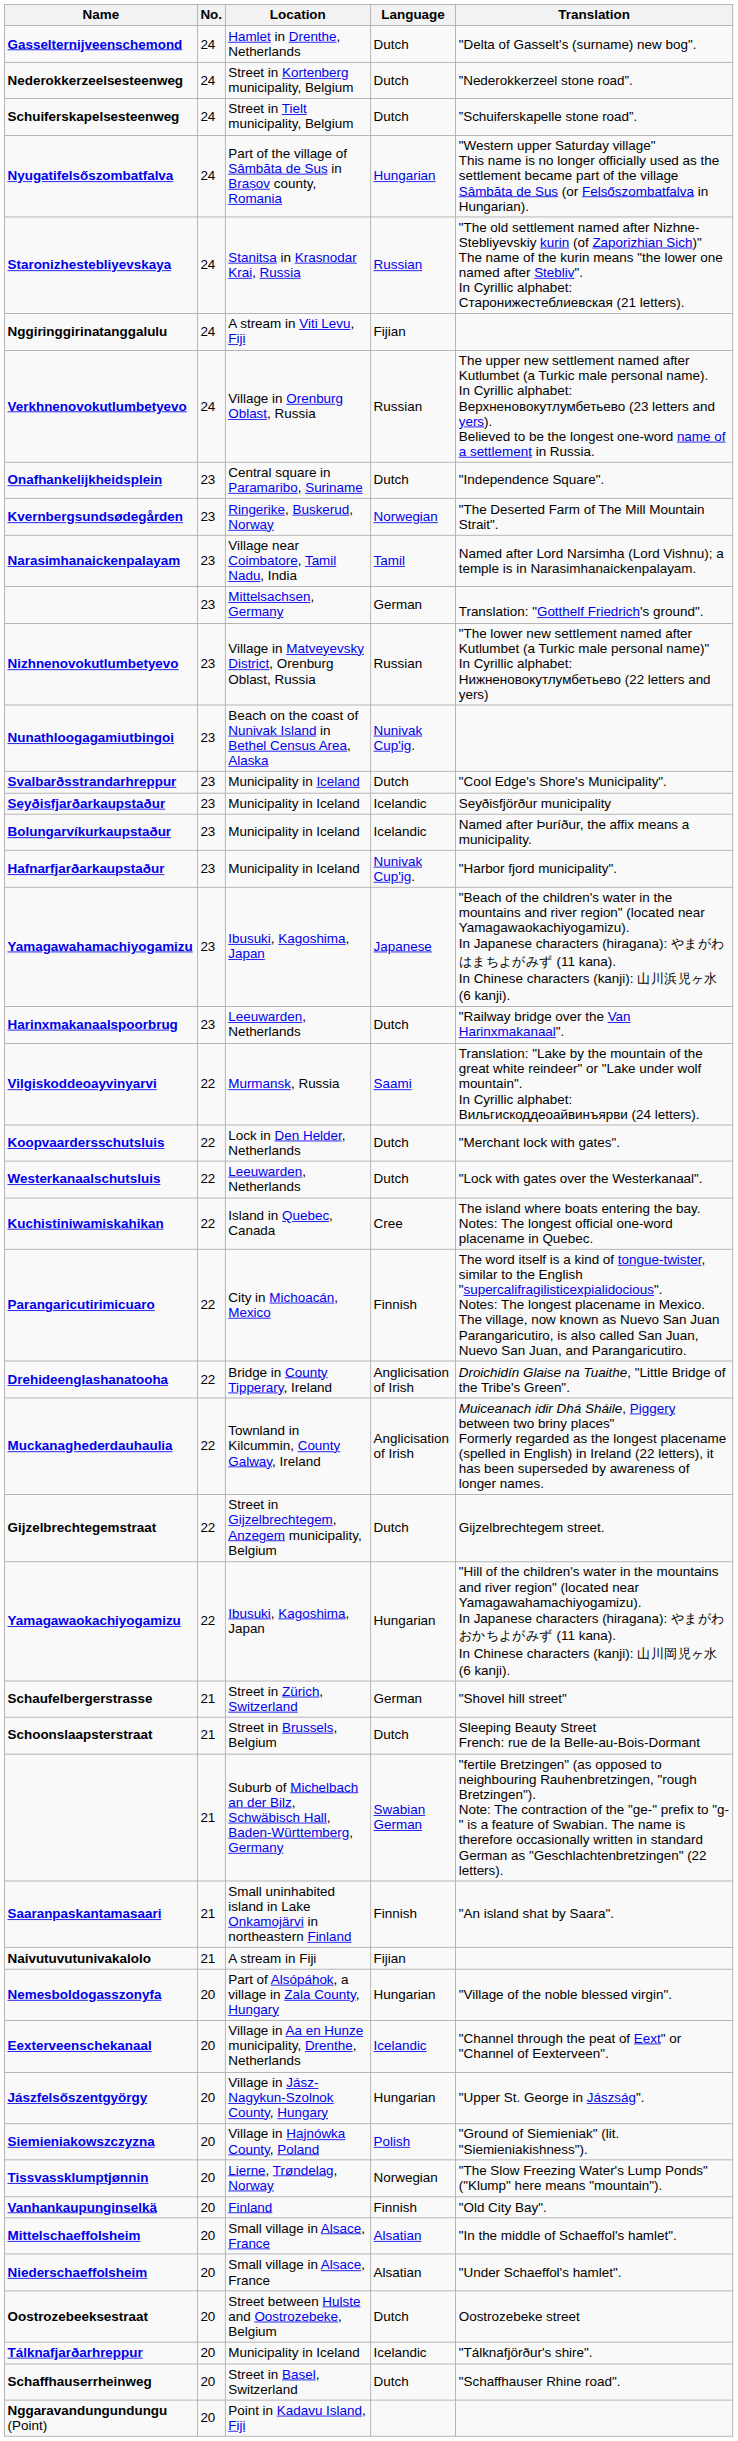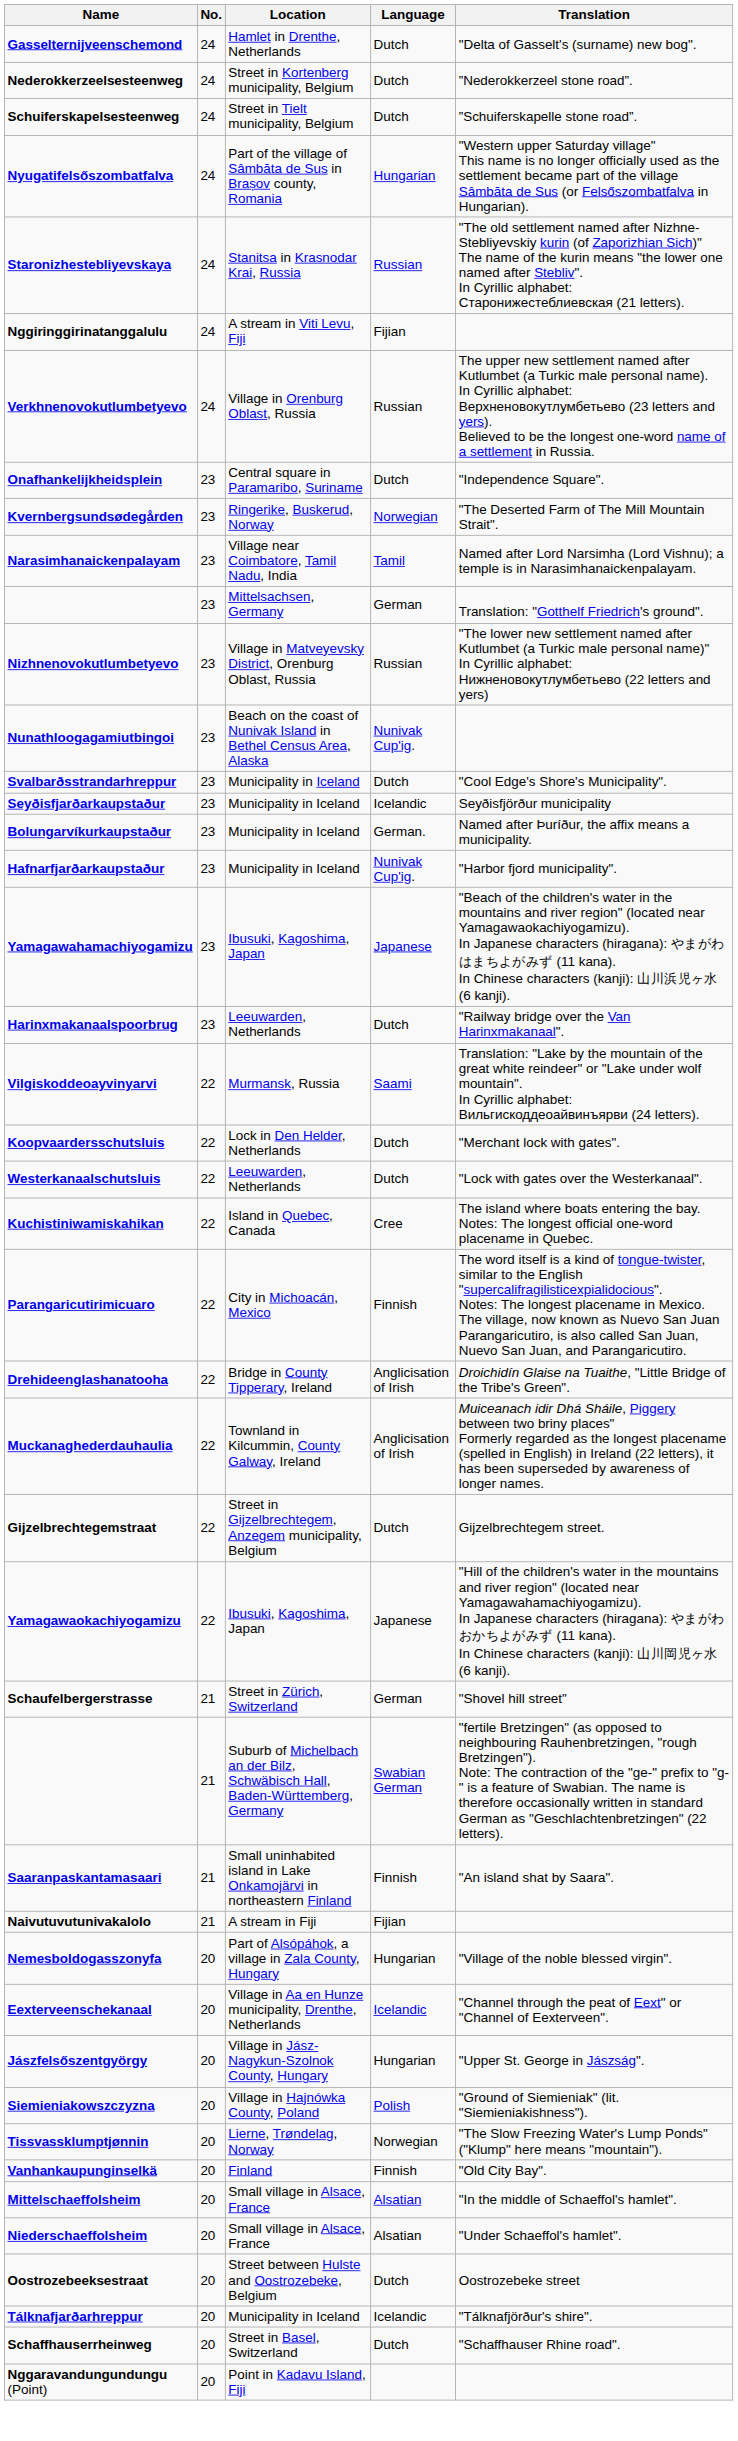 <table class="wikitable">
 <tr>
 <th>Name</th>
 <th>No.</th>
 <th>Location</th>
 <th>Language</th>
 <th>Translation</th>
 </tr>
 <tr>
 <td><strong><a href='#'>Gasselternijveenschemond</a></strong></td>
 <td>24</td>
 <td><a href='#'>Hamlet</a> in <a href='#'>Drenthe</a>, Netherlands</td>
 <td>Dutch</td>
 <td>"Delta of Gasselt's (surname) new bog".</td>
 </tr>
 <tr>
 <td><strong>Nederokkerzeelsesteenweg</strong></td>
 <td>24</td>
 <td>Street in <a href='#'>Kortenberg</a> municipality, Belgium</td>
 <td>Dutch</td>
 <td>”Nederokkerzeel stone road”.</td>
 </tr>
 <tr>
 <td><strong>Schuiferskapelsesteenweg</strong></td>
 <td>24</td>
 <td>Street in <a href='#'>Tielt</a> municipality, Belgium</td>
 <td>Dutch</td>
 <td>”Schuiferskapelle stone road”.</td>
 </tr>
 <tr>
 <td><strong><a href='#'>Nyugatifelsőszombatfalva</a></strong></td>
 <td>24</td>
 <td>Part of the village of <a href='#'>Sâmbăta de Sus</a> in <a href='#'>Brașov</a> county, <a href='#'>Romania</a></td>
 <td><a href='#'>Hungarian</a></td>
 <td>"Western upper Saturday village"<br>This name is no longer officially used as the settlement became part of the village <a href='#'>Sâmbăta de Sus</a> (or <a href='#'>Felsőszombatfalva</a> in Hungarian).</td>
 </tr>
 <tr>
 <td><strong><a href='#'>Staronizhestebliyevskaya</a></strong></td>
 <td>24</td>
 <td><a href='#'>Stanitsa</a> in <a href='#'>Krasnodar Krai</a>, <a href='#'>Russia</a></td>
 <td><a href='#'>Russian</a></td>
 <td>"The old settlement named after Nizhne-Stebliyevskiy <a href='#'>kurin</a> (of <a href='#'>Zaporizhian Sich</a>)"<br>The name of the kurin means "the lower one named after <a href='#'>Stebliv</a>".<br>In Cyrillic alphabet: Старонижестеблиевская (21 letters).</td>
 </tr>
 <tr>
 <td><strong>Nggiringgirinatanggalulu</strong></td>
 <td>24</td>
 <td>A stream in <a href='#'>Viti Levu</a>, <a href='#'>Fiji</a></td>
 <td>Fijian</td>
 <td></td>
 </tr>
 <tr>
 <td><strong><a href='#'>Verkhnenovokutlumbetyevo</a></strong></td>
 <td>24</td>
 <td>Village in <a href='#'>Orenburg Oblast</a>, Russia</td>
 <td>Russian</td>
 <td>The upper new settlement named after Kutlumbet (a Turkic male personal name).<br>In Cyrillic alphabet: Верхненовокутлумбетьево (23 letters and <a href='#'>yers</a>).<br>Believed to be the longest one-word <a href='#'>name of a settlement</a> in Russia.</td>
 </tr>
 <tr>
 <td><strong><a href='#'>Onafhankelijkheidsplein</a></strong></td>
 <td>23</td>
 <td>Central square in <a href='#'>Paramaribo</a>, <a href='#'>Suriname</a></td>
 <td>Dutch</td>
 <td>"Independence Square".</td>
 </tr>
 <tr>
 <td><strong><a href='#'>Kvernbergsundsødegården</a></strong></td>
 <td>23</td>
 <td><a href='#'>Ringerike</a>, <a href='#'>Buskerud</a>, <a href='#'>Norway</a></td>
 <td><a href='#'>Norwegian</a></td>
 <td>"The Deserted Farm of The Mill Mountain Strait".</td>
 </tr>
 <tr>
 <td><strong><a href='#'>Narasimhanaickenpalayam</a></strong></td>
 <td>23</td>
 <td>Village near <a href='#'>Coimbatore</a>, <a href='#'>Tamil Nadu</a>, India</td>
 <td><a href='#'>Tamil</a></td>
 <td>Named after Lord Narsimha (Lord Vishnu); a temple is in Narasimhanaickenpalayam.</td>
 </tr>
 <tr>
 <td><strong></strong></td>
 <td>23</td>
 <td><a href='#'>Mittelsachsen</a>, <a href='#'>Germany</a></td>
 <td>German</td>
 <td><br>Translation: "<a href='#'>Gotthelf Friedrich</a>'s ground".</td>
 </tr>
 <tr>
 <td><strong><a href='#'>Nizhnenovokutlumbetyevo</a></strong></td>
 <td>23</td>
 <td>Village in <a href='#'>Matveyevsky District</a>, Orenburg Oblast, Russia</td>
 <td>Russian</td>
 <td>"The lower new settlement named after Kutlumbet (a Turkic male personal name)"<br>In Cyrillic alphabet: Нижненовокутлумбетьево (22 letters and yers)</td>
 </tr>
 <tr>
 <td><strong><a href='#'>Nunathloogagamiutbingoi</a></strong></td>
 <td>23</td>
 <td>Beach on the coast of <a href='#'>Nunivak Island</a> in <a href='#'>Bethel Census Area</a>, <a href='#'>Alaska</a></td>
 <td><a href='#'>Nunivak Cup'ig</a>.</td>
 </tr>
 <tr>
 <td><strong><a href='#'>Svalbarðsstrandarhreppur</a></strong></td>
 <td>23</td>
 <td>Municipality in <a href='#'>Iceland</a></td>
 <td>Dutch</td>
 <td>"Cool Edge's Shore's Municipality".</td>
 </tr>
 <tr>
 <td><strong><a href='#'>Seyðisfjarðarkaupstaður</a></strong></td>
 <td>23</td>
 <td>Municipality in Iceland</td>
 <td>Icelandic</td>
 <td>Seyðisfjörður municipality</td>
 </tr>
 <tr>
 <td><strong><a href='#'>Bolungarvíkurkaupstaður</a></strong></td>
 <td>23</td>
 <td>Municipality in Iceland</td>
-<td>Icelandic</td>
+<td>German.</td>
 <td>Named after Þuríður, the affix means a municipality.</td>
 </tr>
 <tr>
 <td><strong><a href='#'>Hafnarfjarðarkaupstaður</a></strong></td>
 <td>23</td>
 <td>Municipality in Iceland</td>
 <td><a href='#'>Nunivak Cup'ig</a>.</td>
 <td>"Harbor fjord municipality".</td>
 </tr>
 <tr>
 <td><strong><a href='#'>Yamagawahamachiyogamizu</a></strong></td>
 <td>23</td>
 <td><a href='#'>Ibusuki</a>, <a href='#'>Kagoshima</a>, <a href='#'>Japan</a></td>
 <td><a href='#'>Japanese</a></td>
 <td>"Beach of the children's water in the mountains and river region" (located near Yamagawaokachiyogamizu).<br>In Japanese characters (hiragana): やまがわはまちよがみず (11 kana).<br>In Chinese characters (kanji): 山川浜児ヶ水 (6 kanji).</td>
 </tr>
 <tr>
 <td><strong><a href='#'>Harinxmakanaalspoorbrug</a></strong></td>
 <td>23</td>
 <td><a href='#'>Leeuwarden</a>, Netherlands</td>
 <td>Dutch</td>
 <td>"Railway bridge over the <a href='#'>Van Harinxmakanaal</a>".</td>
 </tr>
 <tr>
 <td><strong><a href='#'>Vilgiskoddeoayvinyarvi</a></strong></td>
 <td>22</td>
 <td><a href='#'>Murmansk</a>, Russia</td>
 <td><a href='#'>Saami</a></td>
 <td>Translation: "Lake by the mountain of the great white reindeer" or "Lake under wolf mountain".<br>In Cyrillic alphabet: Вильгискоддеоайвинъярви­ (24 letters).</td>
 </tr>
 <tr>
 <td><strong><a href='#'>Koopvaardersschutsluis</a></strong></td>
 <td>22</td>
 <td>Lock in <a href='#'>Den Helder</a>, Netherlands</td>
 <td>Dutch</td>
 <td>"Merchant lock with gates".</td>
 </tr>
 <tr>
 <td><strong><a href='#'>Westerkanaalschutsluis</a></strong></td>
 <td>22</td>
 <td><a href='#'>Leeuwarden</a>, Netherlands</td>
 <td>Dutch</td>
 <td>"Lock with gates over the Westerkanaal".</td>
 </tr>
 <tr>
 <td><strong><a href='#'>Kuchistiniwamiskahikan</a></strong></td>
 <td>22</td>
 <td>Island in <a href='#'>Quebec</a>, Canada</td>
 <td>Cree</td>
 <td>The island where boats entering the bay.<br>Notes: The longest official one-word placename in Quebec.</td>
 </tr>
 <tr>
 <td><strong><a href='#'>Parangaricutirimicuaro</a></strong></td>
 <td>22</td>
 <td>City in <a href='#'>Michoacán</a>, <a href='#'>Mexico</a></td>
 <td>Finnish</td>
 <td>The word itself is a kind of <a href='#'>tongue-twister</a>, similar to the English "<a href='#'>supercalifragilisticexpialidocious</a>".<br>Notes: The longest placename in Mexico. The village, now known as Nuevo San Juan Parangaricutiro, is also called San Juan, Nuevo San Juan, and Parangaricutiro.</td>
 </tr>
 <tr>
 <td><strong><a href='#'>Drehideenglashanatooha</a></strong></td>
 <td>22</td>
 <td>Bridge in <a href='#'>County Tipperary</a>, Ireland</td>
 <td>Anglicisation of Irish</td>
 <td><em>Droichidín Glaise na Tuaithe</em>, "Little Bridge of the Tribe's Green".</td>
 </tr>
 <tr>
 <td><strong><a href='#'>Muckanaghederdauhaulia</a></strong></td>
 <td>22</td>
 <td>Townland in Kilcummin, <a href='#'>County Galway</a>, Ireland</td>
 <td>Anglicisation of Irish</td>
 <td><em>Muiceanach idir Dhá Sháile</em>, <a href='#'>Piggery</a> between two briny places"<br>Formerly regarded as the longest placename (spelled in English) in Ireland (22 letters), it has been superseded by awareness of longer names.</td>
 </tr>
 <tr>
 <td><strong>Gijzelbrechtegemstraat</strong></td>
 <td>22</td>
 <td>Street in <a href='#'>Gijzelbrechtegem</a>, <a href='#'>Anzegem</a> municipality, Belgium</td>
 <td>Dutch</td>
 <td>Gijzelbrechtegem street.</td>
 </tr>
 <tr>
 <td><strong><a href='#'>Yamagawaokachiyogamizu</a></strong></td>
 <td>22</td>
 <td><a href='#'>Ibusuki</a>, <a href='#'>Kagoshima</a>, Japan</td>
-<td>Hungarian</td>
+<td>Japanese</td>
 <td>"Hill of the children's water in the mountains and river region" (located near Yamagawahamachiyogamizu).<br>In Japanese characters (hiragana): やまがわおかちよがみず (11 kana).<br>In Chinese characters (kanji): 山川岡児ヶ水 (6 kanji).</td>
 </tr>
 <tr>
 <td><strong>Schaufelbergerstrasse</strong></td>
 <td>21</td>
 <td>Street in <a href='#'>Zürich</a>, <a href='#'>Switzerland</a></td>
 <td>German</td>
 <td>"Shovel hill street"</td>
-</tr>
-<tr>
-<td><strong>Schoonslaapsterstraat</strong></td>
-<td>21</td>
-<td>Street in <a href='#'>Brussels</a>, Belgium</td>
-<td>Dutch</td>
-<td>Sleeping Beauty Street<br>French: rue de la Belle-au-Bois-Dormant</td>
 </tr>
 <tr>
 <td><strong></strong></td>
 <td>21</td>
 <td>Suburb of <a href='#'>Michelbach an der Bilz</a>, <a href='#'>Schwäbisch Hall</a>, <a href='#'>Baden-Württemberg</a>, <a href='#'>Germany</a></td>
 <td><a href='#'>Swabian German</a></td>
 <td>"fertile Bretzingen" (as opposed to neighbouring Rauhenbretzingen, "rough Bretzingen").<br>Note: The contraction of the "ge-" prefix to "g-" is a feature of Swabian. The name is therefore occasionally written in standard German as "Geschlachtenbretzingen" (22 letters).</td>
 </tr>
 <tr>
 <td><strong><a href='#'>Saaranpaskantamasaari</a></strong></td>
 <td>21</td>
 <td>Small uninhabited island in Lake <a href='#'>Onkamojärvi</a> in northeastern <a href='#'>Finland</a></td>
 <td>Finnish</td>
 <td>"An island shat by Saara".</td>
 </tr>
 <tr>
 <td><strong>Naivutuvutunivakalolo</strong></td>
 <td>21</td>
 <td>A stream in Fiji</td>
 <td>Fijian</td>
 <td></td>
 </tr>
 <tr>
 <td><strong><a href='#'>Nemesboldogasszonyfa</a></strong></td>
 <td>20</td>
 <td>Part of <a href='#'>Alsópáhok</a>, a village in <a href='#'>Zala County</a>, <a href='#'>Hungary</a></td>
 <td>Hungarian</td>
 <td>"Village of the noble blessed virgin".</td>
 </tr>
 <tr>
 <td><strong><a href='#'>Eexterveenschekanaal</a></strong></td>
 <td>20</td>
 <td>Village in <a href='#'>Aa en Hunze</a> municipality, <a href='#'>Drenthe</a>, Netherlands</td>
 <td><a href='#'>Icelandic</a></td>
 <td>"Channel through the peat of <a href='#'>Eext</a>" or "Channel of Eexterveen".</td>
 </tr>
 <tr>
 <td><strong><a href='#'>Jászfelsőszentgyörgy</a></strong></td>
 <td>20</td>
 <td>Village in <a href='#'>Jász-Nagykun-Szolnok County</a>, <a href='#'>Hungary</a></td>
 <td>Hungarian</td>
 <td>"Upper St. George in <a href='#'>Jászság</a>".</td>
 </tr>
 <tr>
 <td><strong><a href='#'>Siemieniakowszczyzna</a></strong></td>
 <td>20</td>
 <td>Village in <a href='#'>Hajnówka County</a>, <a href='#'>Poland</a></td>
 <td><a href='#'>Polish</a></td>
 <td>"Ground of Siemieniak" (lit. "Siemieniakishness").</td>
 </tr>
 <tr>
 <td><strong><a href='#'>Tissvassklumptjønnin</a></strong></td>
 <td>20</td>
 <td><a href='#'>Lierne</a>, <a href='#'>Trøndelag</a>, <a href='#'>Norway</a></td>
 <td>Norwegian</td>
 <td>"The Slow Freezing Water's Lump Ponds" ("Klump" here means "mountain").</td>
 </tr>
 <tr>
 <td><strong><a href='#'>Vanhankaupunginselkä</a></strong></td>
 <td>20</td>
 <td><a href='#'>Finland</a></td>
 <td>Finnish</td>
 <td>"Old City Bay".</td>
 </tr>
 <tr>
 <td><strong><a href='#'>Mittelschaeffolsheim</a></strong></td>
 <td>20</td>
 <td>Small village in <a href='#'>Alsace</a>, <a href='#'>France</a></td>
 <td><a href='#'>Alsatian</a></td>
 <td>"In the middle of Schaeffol's hamlet".</td>
 </tr>
 <tr>
 <td><strong><a href='#'>Niederschaeffolsheim</a></strong></td>
 <td>20</td>
 <td>Small village in <a href='#'>Alsace</a>, France</td>
 <td>Alsatian</td>
 <td>"Under Schaeffol's hamlet".</td>
 </tr>
 <tr>
 <td><strong>Oostrozebeeksestraat</strong></td>
 <td>20</td>
 <td>Street between <a href='#'>Hulste</a> and <a href='#'>Oostrozebeke</a>, Belgium</td>
 <td>Dutch</td>
 <td>Oostrozebeke street</td>
 </tr>
 <tr>
 <td><strong><a href='#'>Tálknafjarðarhreppur</a></strong></td>
 <td>20</td>
 <td>Municipality in Iceland</td>
 <td>Icelandic</td>
 <td>"Tálknafjörður's shire".</td>
 </tr>
 <tr>
 <td><strong>Schaffhauserrheinweg</strong></td>
 <td>20</td>
 <td>Street in <a href='#'>Basel</a>, Switzerland</td>
 <td>Dutch</td>
 <td>"Schaffhauser Rhine road".</td>
 </tr>
 <tr>
 <td><strong>Nggaravandungundungu</strong> (Point)</td>
 <td>20</td>
 <td>Point in <a href='#'>Kadavu Island</a>, <a href='#'>Fiji</a></td>
 <td></td>
 <td></td>
 </tr>
 </table>
